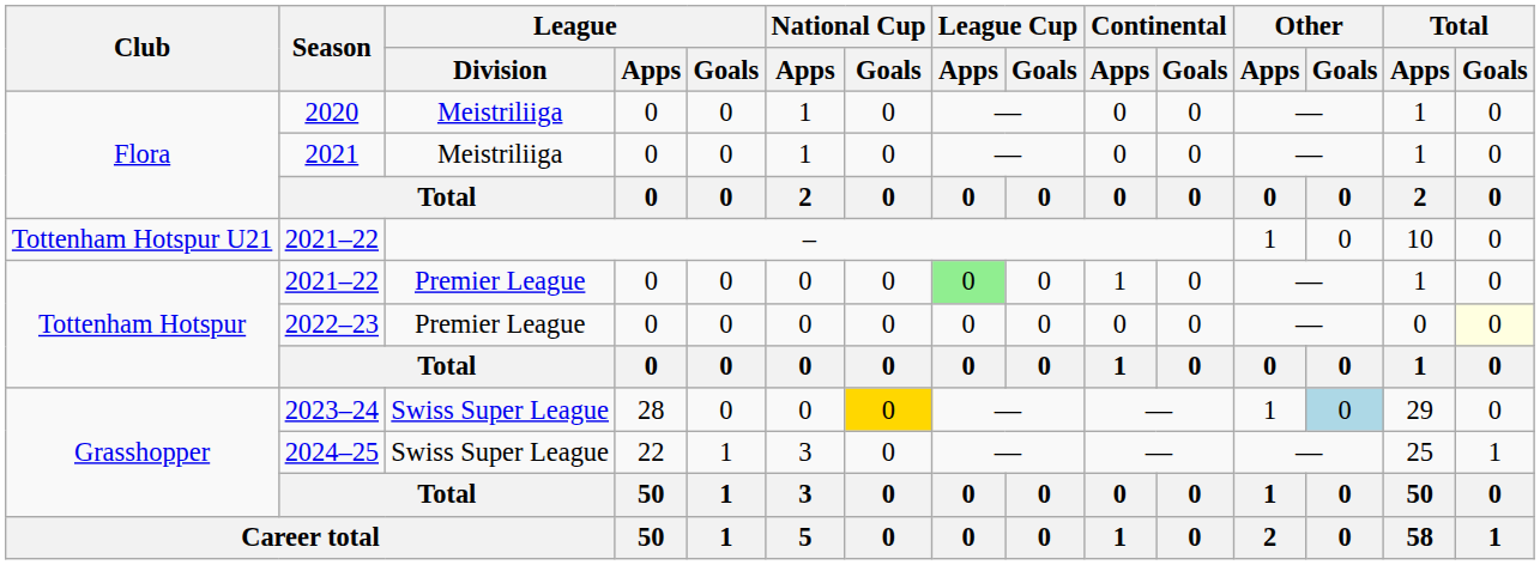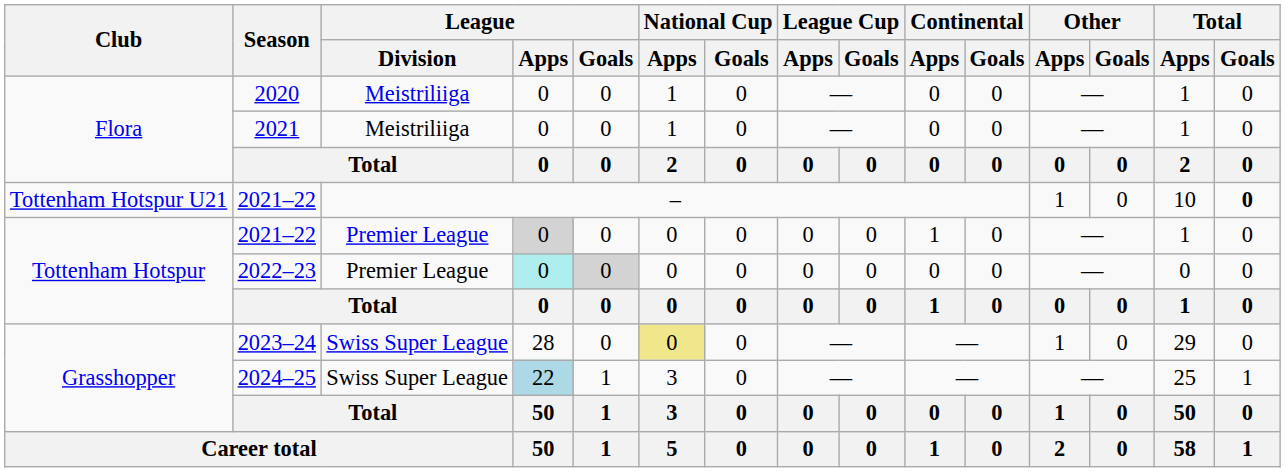 <table class="wikitable" style="text-align:center">
 <tr>
 <th rowspan="2">Club</th>
 <th rowspan="2">Season</th>
 <th colspan="3">League</th>
 <th colspan="2">National Cup</th>
 <th colspan="2">League Cup</th>
 <th colspan="2">Continental</th>
 <th colspan="2">Other</th>
 <th colspan="2">Total</th>
 </tr>
 <tr>
 <th>Division</th>
 <th>Apps</th>
 <th>Goals</th>
 <th>Apps</th>
 <th>Goals</th>
 <th>Apps</th>
 <th>Goals</th>
 <th>Apps</th>
 <th>Goals</th>
 <th>Apps</th>
 <th>Goals</th>
 <th>Apps</th>
 <th>Goals</th>
 </tr>
 <tr>
 <td rowspan=3><a href='#'>Flora</a></td>
 <td><a href='#'>2020</a></td>
 <td><a href='#'>Meistriliiga</a></td>
 <td>0</td>
 <td>0</td>
 <td>1</td>
 <td>0</td>
 <td colspan=2>—</td>
 <td>0</td>
 <td>0</td>
 <td colspan=2>—</td>
 <td>1</td>
 <td>0</td>
 </tr>
 <tr>
 <td><a href='#'>2021</a></td>
 <td>Meistriliiga</td>
 <td>0</td>
 <td>0</td>
 <td>1</td>
 <td>0</td>
 <td colspan=2>—</td>
 <td>0</td>
 <td>0</td>
 <td colspan=2>—</td>
 <td>1</td>
 <td>0</td>
 </tr>
 <tr>
 <th colspan="2">Total</th>
 <th>0</th>
 <th>0</th>
 <th>2</th>
 <th>0</th>
 <th>0</th>
 <th>0</th>
 <th>0</th>
 <th>0</th>
 <th>0</th>
 <th>0</th>
 <th>2</th>
 <th>0</th>
 </tr>
 <tr>
 <td><a href='#'>Tottenham Hotspur U21</a></td>
 <td><a href='#'>2021–22</a></td>
 <td colspan=9>–</td>
 <td>1</td>
 <td>0</td>
 <td>10</td>
-<td>0</td>
+<td><strong>0</strong></td>
 </tr>
 <tr>
 <td rowspan=3><a href='#'>Tottenham Hotspur</a></td>
 <td><a href='#'>2021–22</a></td>
 <td><a href='#'>Premier League</a></td>
+<td style="background: lightgrey;">0</td>
 <td>0</td>
 <td>0</td>
 <td>0</td>
 <td>0</td>
-<td style="background: lightgreen;">0</td>
 <td>0</td>
 <td>1</td>
 <td>0</td>
 <td colspan=2>—</td>
 <td>1</td>
 <td>0</td>
 </tr>
 <tr>
 <td><a href='#'>2022–23</a></td>
 <td>Premier League</td>
-<td>0</td>
-<td>0</td>
+<td style="background: paleturquoise;">0</td>
+<td style="background: lightgrey;">0</td>
 <td>0</td>
 <td>0</td>
 <td>0</td>
 <td>0</td>
 <td>0</td>
 <td>0</td>
 <td colspan=2>—</td>
 <td>0</td>
-<td style="background: lightyellow;">0</td>
+<td>0</td>
 </tr>
 <tr>
 <th colspan="2">Total</th>
 <th>0</th>
 <th>0</th>
 <th>0</th>
 <th>0</th>
 <th>0</th>
 <th>0</th>
 <th>1</th>
 <th>0</th>
 <th>0</th>
 <th>0</th>
 <th>1</th>
 <th>0</th>
 </tr>
 <tr>
 <td rowspan=3><a href='#'>Grasshopper</a></td>
 <td><a href='#'>2023–24</a></td>
 <td><a href='#'>Swiss Super League</a></td>
 <td>28</td>
 <td>0</td>
+<td style="background: khaki;">0</td>
 <td>0</td>
-<td style="background: gold;">0</td>
 <td colspan="2">—</td>
 <td colspan="2">—</td>
 <td>1</td>
-<td style="background: lightblue;">0</td>
+<td>0</td>
 <td>29</td>
 <td>0</td>
 </tr>
 <tr>
 <td><a href='#'>2024–25</a></td>
 <td>Swiss Super League</td>
-<td>22</td>
+<td style="background: lightblue;">22</td>
 <td>1</td>
 <td>3</td>
 <td>0</td>
 <td colspan="2">—</td>
 <td colspan="2">—</td>
 <td colspan="2">—</td>
 <td>25</td>
 <td>1</td>
 </tr>
 <tr>
 <th colspan=2>Total</th>
 <th>50</th>
 <th>1</th>
 <th>3</th>
 <th>0</th>
 <th>0</th>
 <th>0</th>
 <th>0</th>
 <th>0</th>
 <th>1</th>
 <th>0</th>
 <th>50</th>
 <th>0</th>
 </tr>
 <tr>
 <th colspan="3">Career total</th>
 <th>50</th>
 <th>1</th>
 <th>5</th>
 <th>0</th>
 <th>0</th>
 <th>0</th>
 <th>1</th>
 <th>0</th>
 <th>2</th>
 <th>0</th>
 <th>58</th>
 <th>1</th>
 </tr>
 </table>
